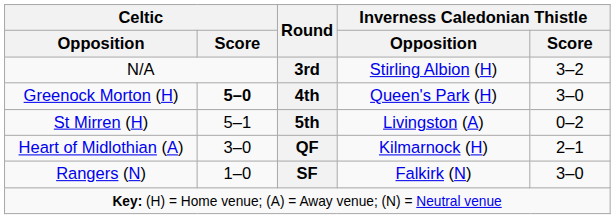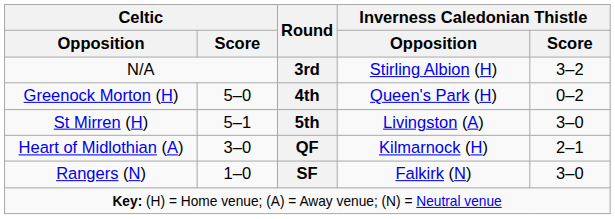 <table class="wikitable plainrowheaders" style="text-align:center;margin:0">
 <tr>
 <th colspan="2">Celtic</th>
 <th rowspan="2" style="width:25px">Round</th>
 <th colspan="2">Inverness Caledonian Thistle</th>
 </tr>
 <tr>
 <th scope="col" style="width:180px">Opposition</th>
 <th scope="col" style="width:70px">Score</th>
 <th scope="col" style="width:180px">Opposition</th>
 <th scope="col" style="width:70px">Score</th>
 </tr>
 <tr>
 <td colspan=2>N/A</td>
 <th scope=row style="text-align:center">3rd</th>
 <td><a href='#'>Stirling Albion</a> (<a href='#'>H</a>)</td>
 <td>3–2</td>
 </tr>
 <tr>
 <td><a href='#'>Greenock Morton</a> (<a href='#'>H</a>)</td>
-<td><strong>5–0</strong></td>
+<td>5–0</td>
 <th scope=row style="text-align:center">4th</th>
 <td><a href='#'>Queen's Park</a> (<a href='#'>H</a>)</td>
-<td>3–0</td>
+<td>0–2</td>
 </tr>
 <tr>
 <td><a href='#'>St Mirren</a> (<a href='#'>H</a>)</td>
 <td>5–1</td>
 <th scope=row style="text-align:center">5th</th>
 <td><a href='#'>Livingston</a> (<a href='#'>A</a>)</td>
-<td>0–2</td>
+<td>3–0</td>
 </tr>
 <tr>
 <td><a href='#'>Heart of Midlothian</a> (<a href='#'>A</a>)</td>
 <td>3–0</td>
 <th scope=row style="text-align:center">QF</th>
 <td><a href='#'>Kilmarnock</a> (<a href='#'>H</a>)</td>
 <td>2–1</td>
 </tr>
 <tr>
 <td><a href='#'>Rangers</a> (<a href='#'>N</a>)</td>
 <td>1–0</td>
 <th scope=row style="text-align:center">SF</th>
 <td><a href='#'>Falkirk</a> (<a href='#'>N</a>)</td>
 <td>3–0</td>
 </tr>
 <tr>
 <td colspan="5"><small><strong>Key:</strong> (H) = Home venue; (A) = Away venue; (N) = <a href='#'>Neutral venue</a></small></td>
 </tr>
 </table>
